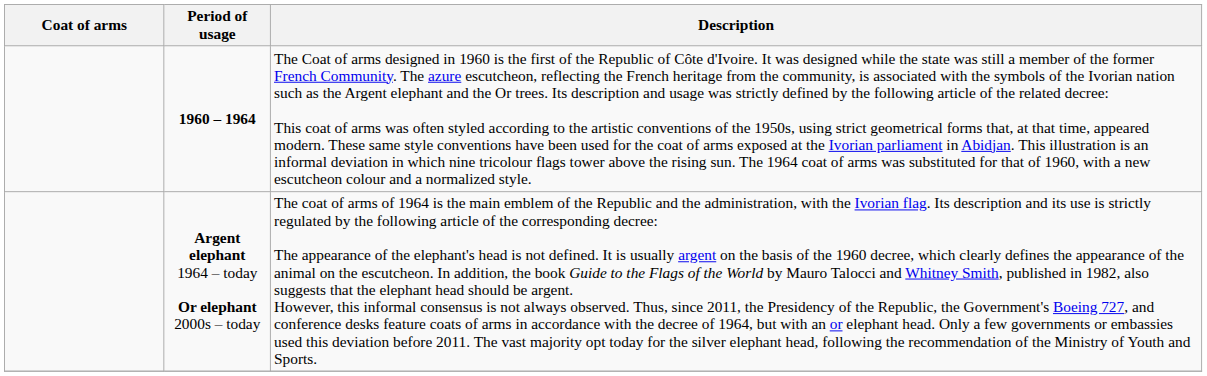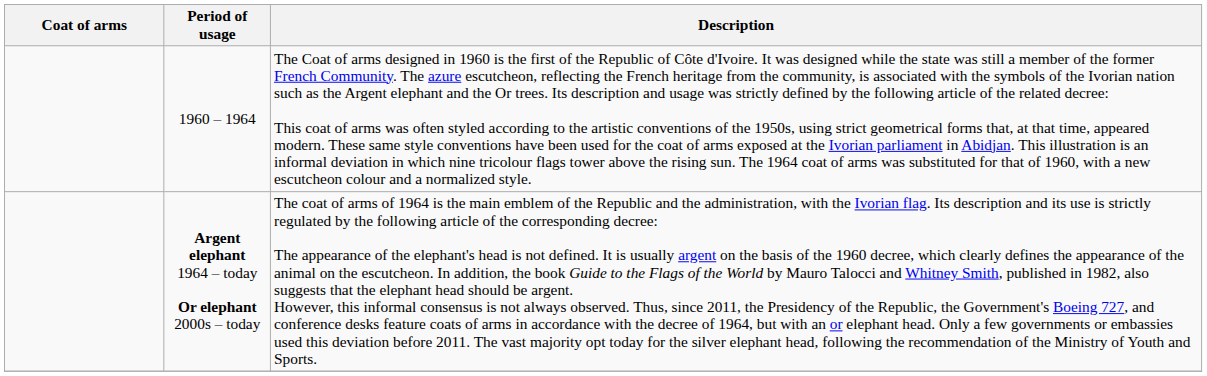 <table class="wikitable">
 <tr>
 <th width=12%>Coat of arms</th>
 <th width=8%>Period of usage</th>
 <th width=70%>Description</th>
 </tr>
 <tr>
 <td align="center"></td>
-<td align="center"><strong>1960 – 1964</strong></td>
+<td align="center">1960 – 1964</td>
 <td>The Coat of arms designed in 1960 is the first of the Republic of Côte d'Ivoire. It was designed while the state was still a member of the former <a href='#'>French Community</a>. The <a href='#'>azure</a> escutcheon, reflecting the French heritage from the community, is associated with the symbols of the Ivorian nation such as the Argent elephant and the Or trees. Its description and usage was strictly defined by the following article of the related decree:<br><br>This coat of arms was often styled according to the artistic conventions of the 1950s, using strict geometrical forms that, at that time, appeared modern. These same style conventions have been used for the coat of arms exposed at the <a href='#'>Ivorian parliament</a> in <a href='#'>Abidjan</a>. This illustration is an informal deviation in which nine tricolour flags tower above the rising sun. The 1964 coat of arms was substituted for that of 1960, with a new escutcheon colour and a normalized style.</td>
 </tr>
 <tr>
 <td align="center"><br></td>
 <td align="center"><strong>Argent elephant</strong><br>1964 – today<br><br><strong>Or elephant</strong><br>2000s – today</td>
 <td>The coat of arms of 1964 is the main emblem of the Republic and the administration, with the <a href='#'>Ivorian flag</a>. Its description and its use is strictly regulated by the following article of the corresponding decree:<br><br>The appearance of the elephant's head is not defined. It is usually <a href='#'>argent</a> on the basis of the 1960 decree, which clearly defines the appearance of the animal on the escutcheon. In addition, the book <em>Guide to the Flags of the World</em> by Mauro Talocci and <a href='#'>Whitney Smith</a>, published in 1982, also suggests that the elephant head should be argent.<br>However, this informal consensus is not always observed. Thus, since 2011, the Presidency of the Republic, the Government's <a href='#'>Boeing 727</a>, and conference desks feature coats of arms in accordance with the decree of 1964, but with an <a href='#'>or</a> elephant head. Only a few governments or embassies used this deviation before 2011. The vast majority opt today for the silver elephant head, following the recommendation of the Ministry of Youth and Sports.</td>
 </tr>
 <tr>
 </tr>
 </table>
